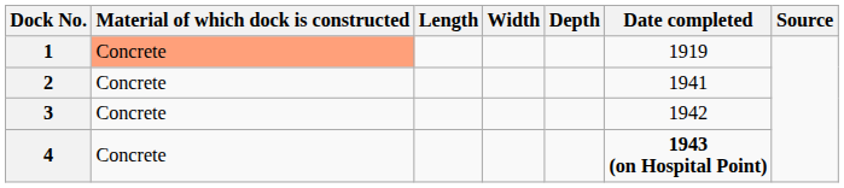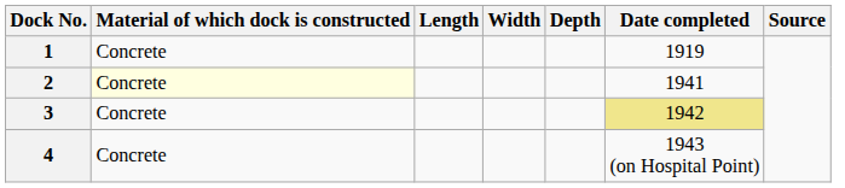 <table class="wikitable">
 <tr>
 <th style="text-align: center;">Dock No.</th>
 <th>Material of which dock is constructed</th>
 <th>Length</th>
 <th>Width</th>
 <th>Depth</th>
 <th>Date completed</th>
 <th>Source</th>
 </tr>
 <tr>
 <th style="text-align: center;">1</th>
-<td style="background: lightsalmon;">Concrete</td>
+<td>Concrete</td>
 <td></td>
 <td></td>
 <td></td>
 <td style="text-align: center;">1919</td>
 <td rowspan=4></td>
 </tr>
 <tr>
 <th style="text-align: center;">2</th>
-<td>Concrete</td>
+<td style="background: lightyellow;">Concrete</td>
 <td></td>
 <td></td>
 <td></td>
 <td style="text-align: center;">1941</td>
 </tr>
 <tr>
 <th style="text-align: center;">3</th>
 <td>Concrete</td>
 <td></td>
 <td></td>
 <td></td>
-<td style="text-align: center;">1942</td>
+<td style="background: khaki; text-align: center;">1942</td>
 </tr>
 <tr>
 <th style="text-align: center;">4</th>
 <td>Concrete</td>
 <td></td>
 <td></td>
 <td></td>
-<td style="text-align: center;"><strong>1943 <br>(on Hospital Point)</strong></td>
+<td style="text-align: center;">1943 <br>(on Hospital Point)</td>
 </tr>
 </table>
